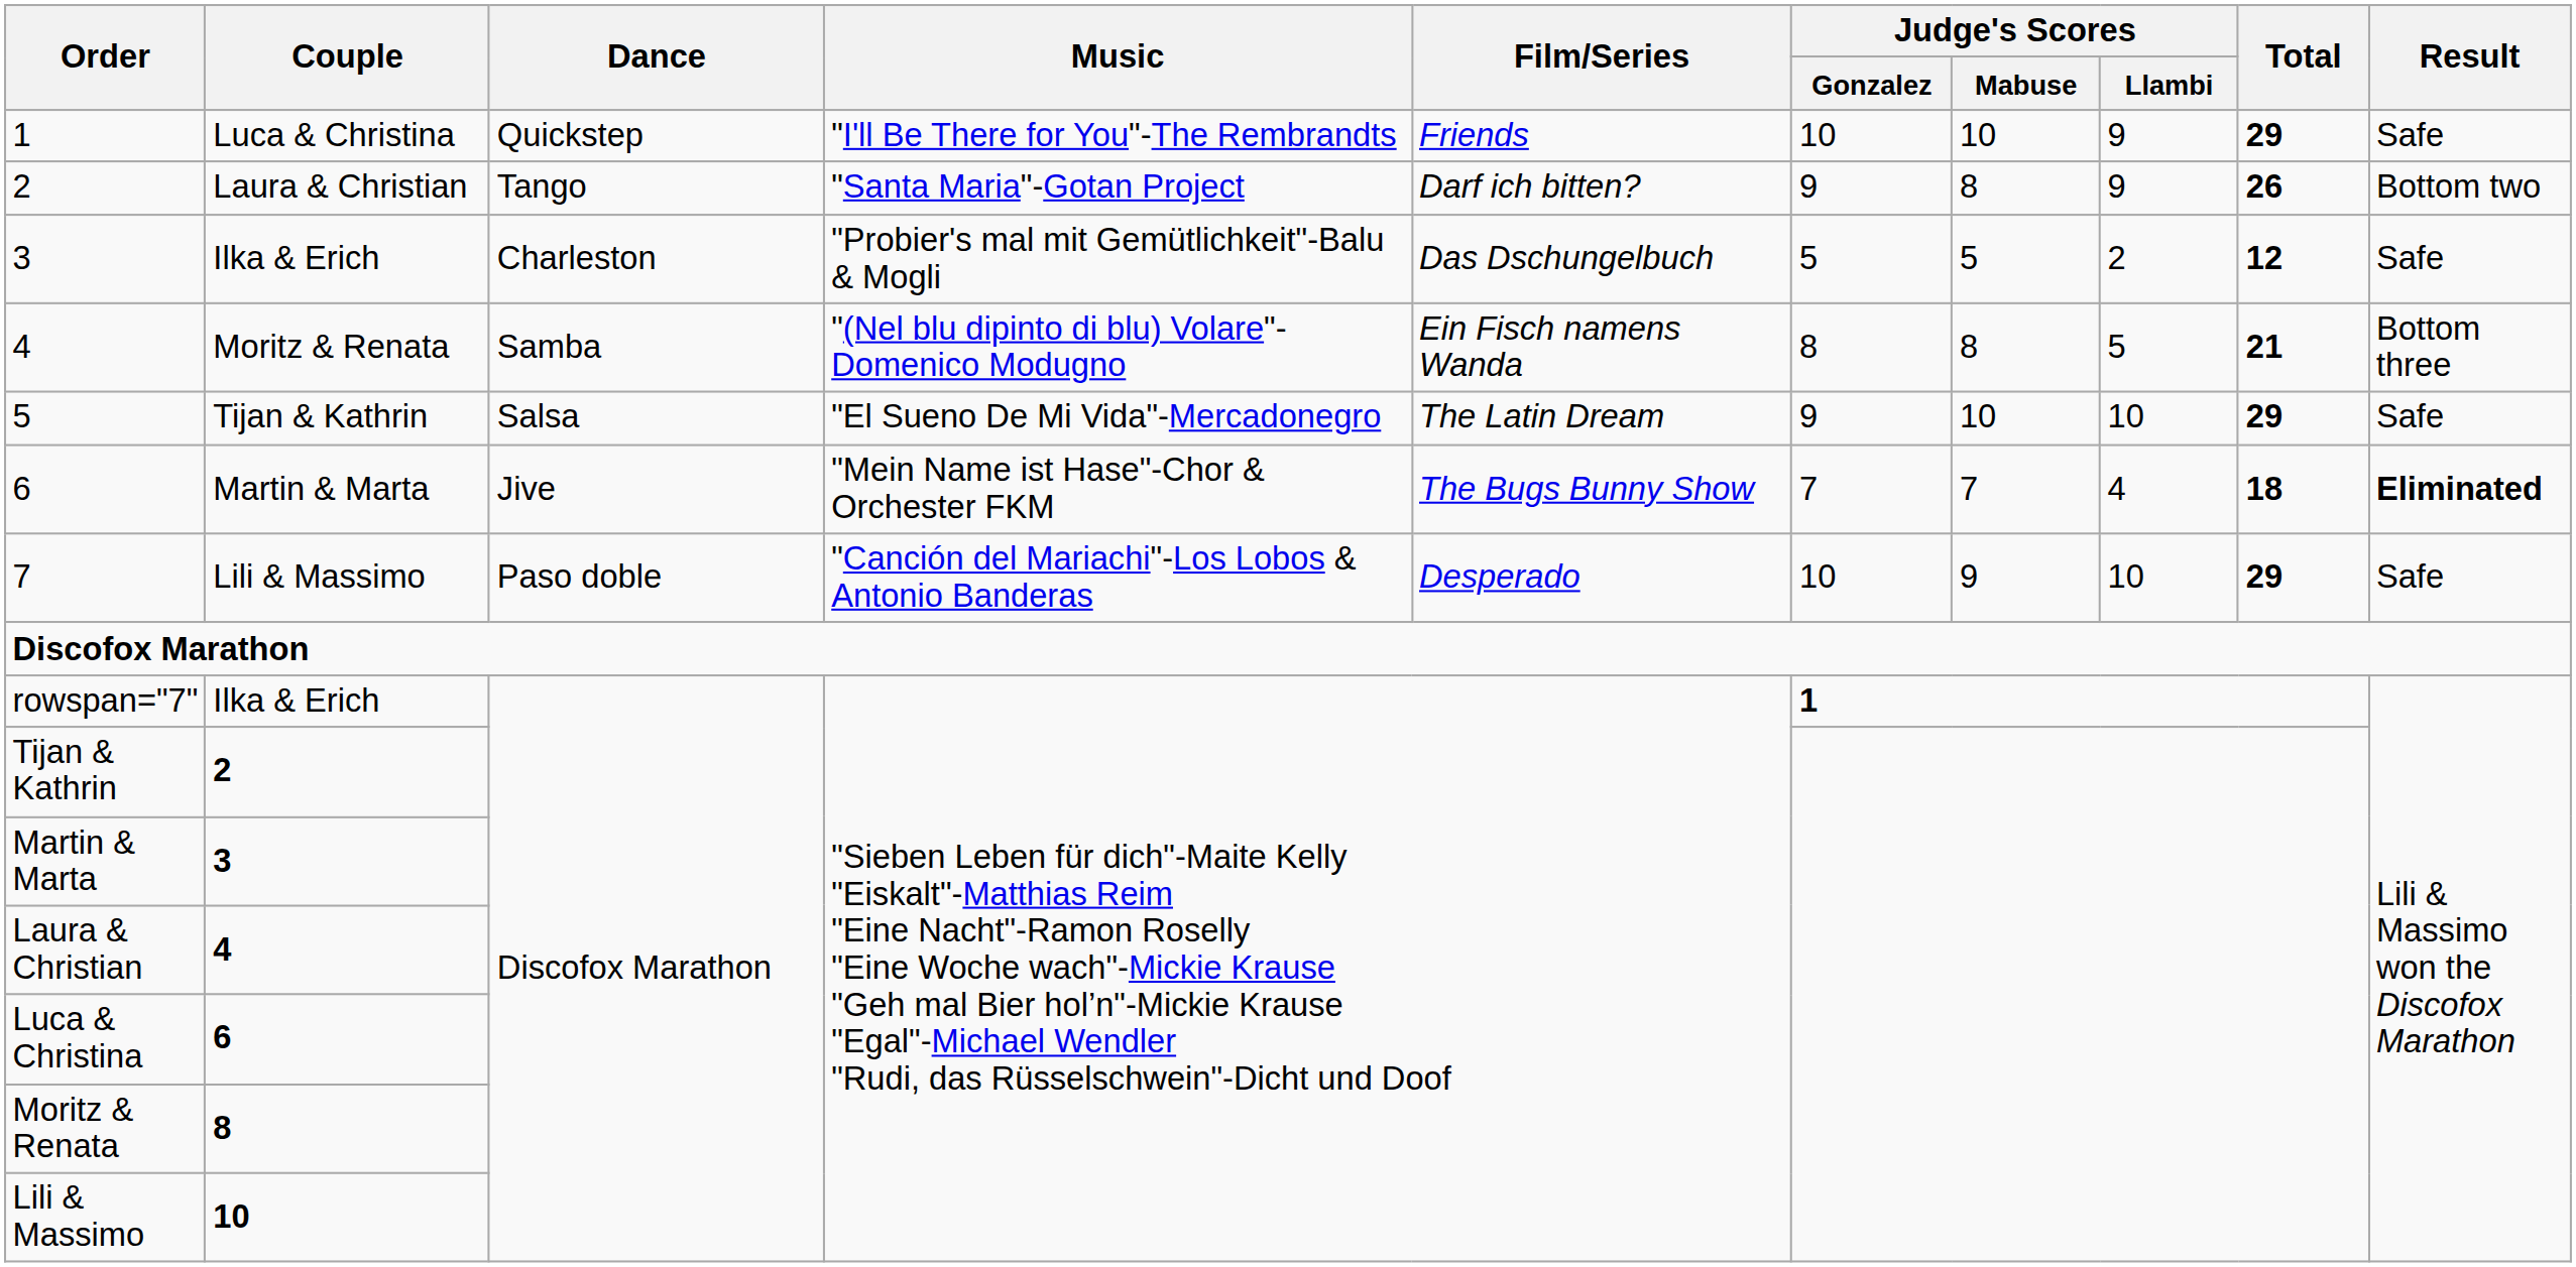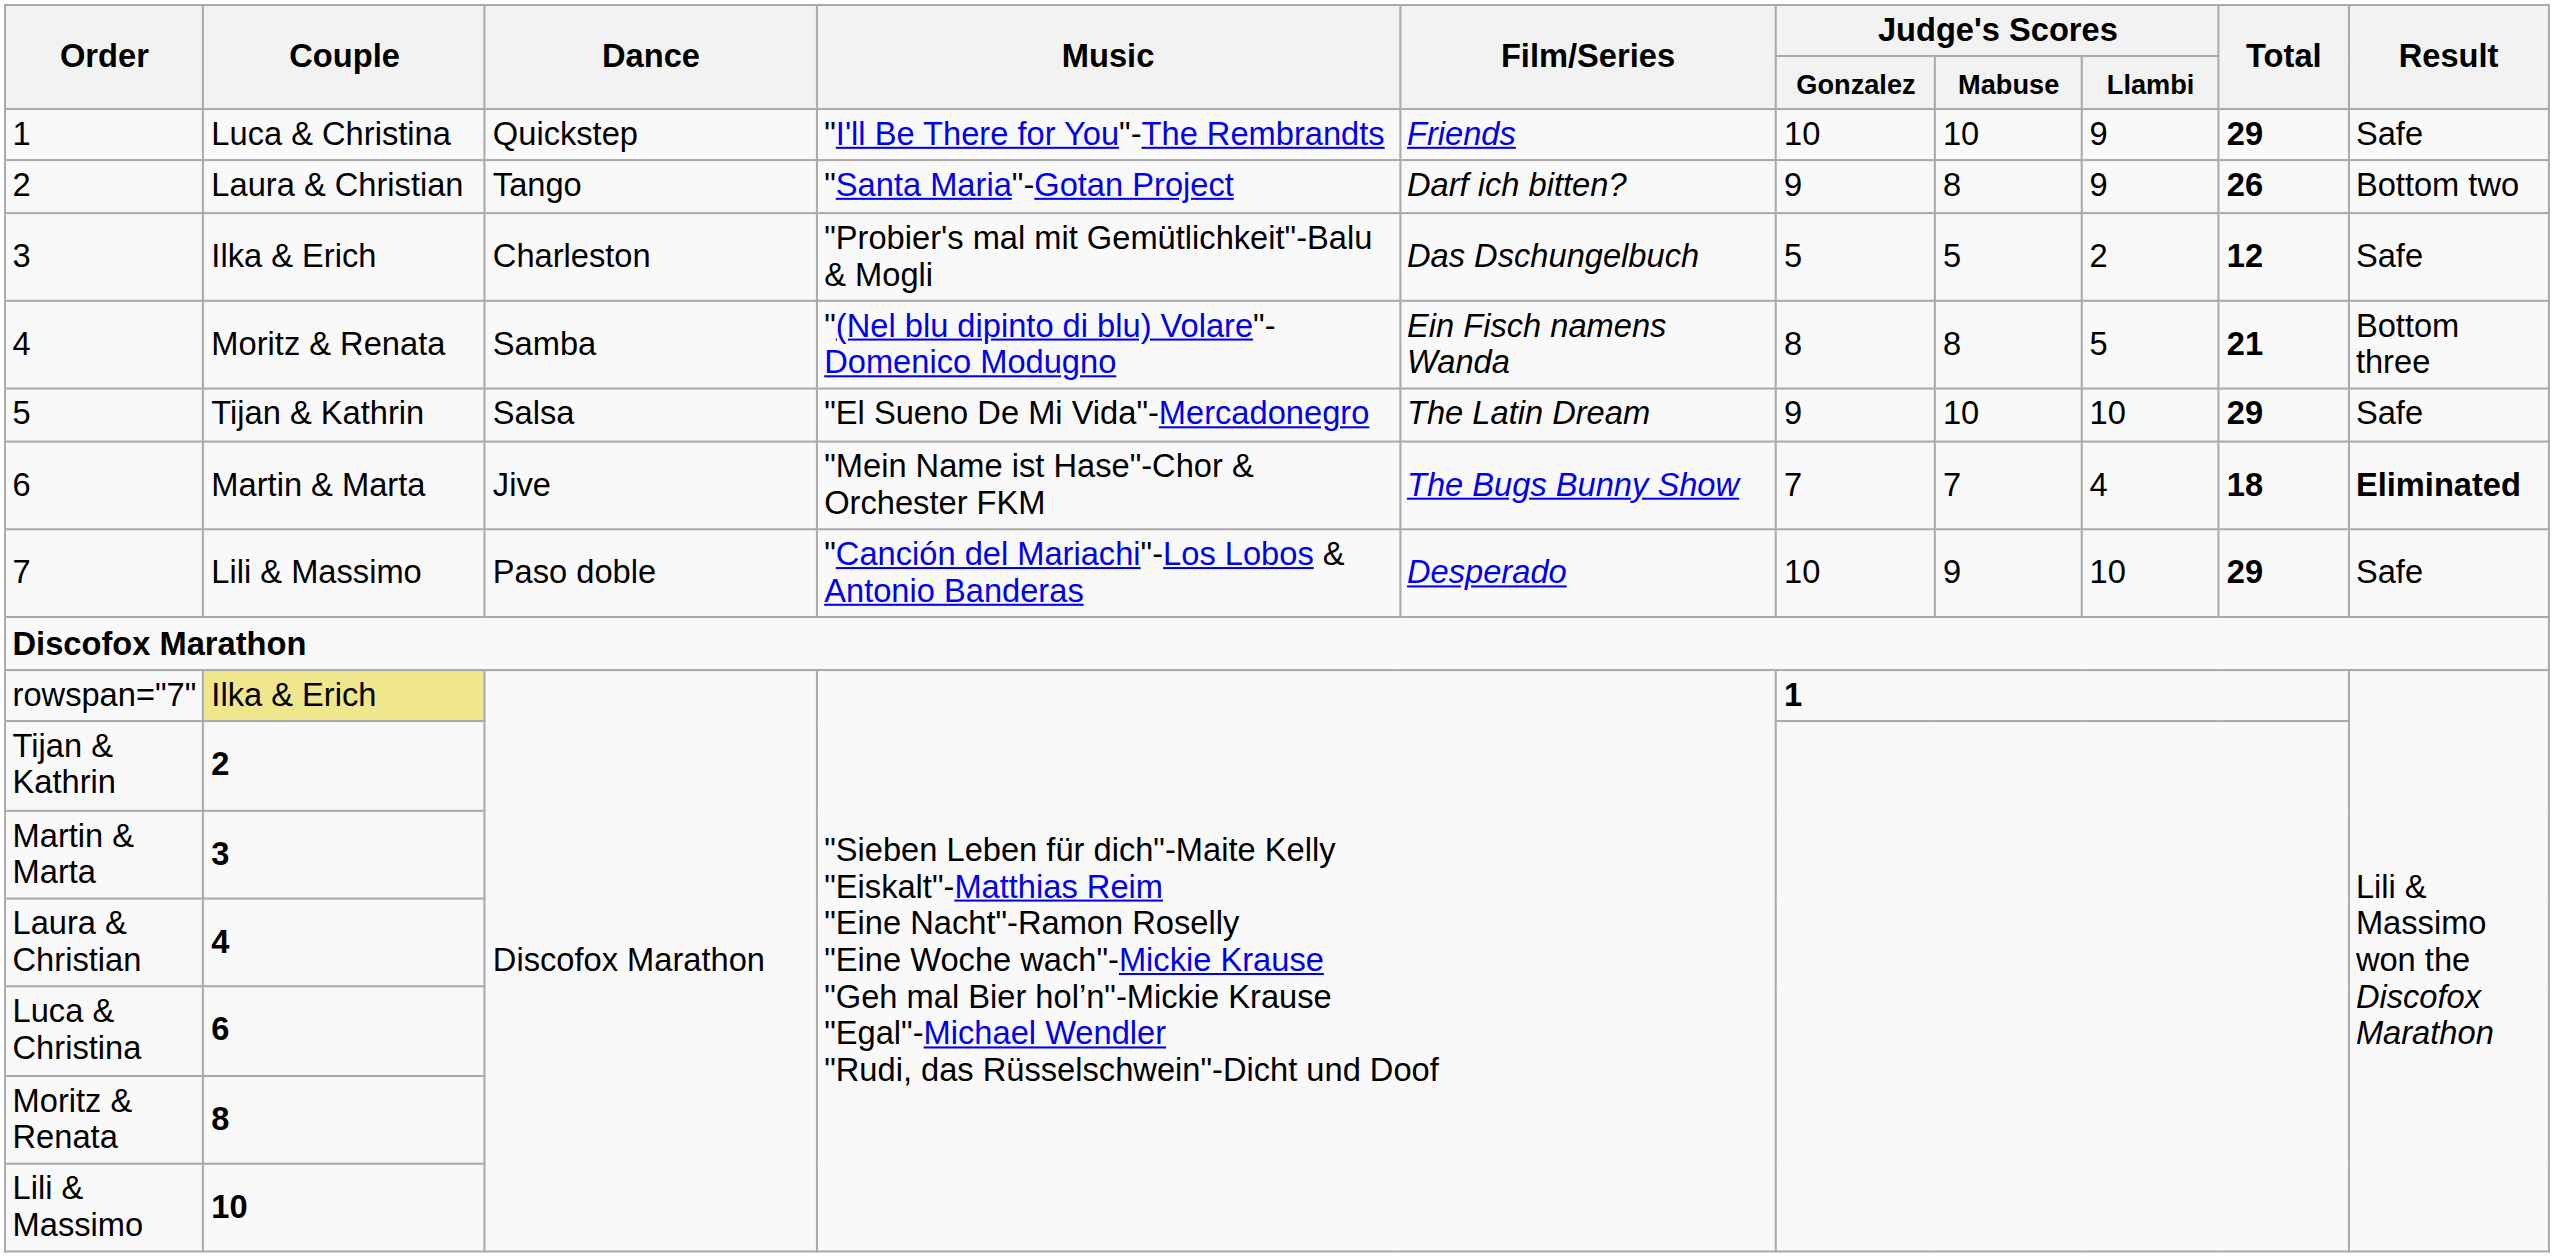 <table class="wikitable sortable center">
 <tr>
 <th rowspan="2" style="width: 4em">Order</th>
 <th rowspan="2" style="width: 17em">Couple</th>
 <th rowspan="2" style="width: 20em">Dance</th>
 <th rowspan="2" style="width: 40em">Music</th>
 <th rowspan="2" style="width: 20em">Film/Series</th>
 <th colspan="3">Judge's Scores</th>
 <th rowspan="2" style="width: 6em">Total</th>
 <th rowspan="2" style="width: 7em">Result</th>
 </tr>
 <tr>
 <th style="width: 6em"><small>Gonzalez</small></th>
 <th style="width: 6em"><small>Mabuse</small></th>
 <th style="width: 6em"><small>Llambi</small></th>
 </tr>
 <tr>
 <td>1</td>
 <td>Luca & Christina</td>
 <td>Quickstep</td>
 <td>"<a href='#'>I'll Be There for You</a>"-<a href='#'>The Rembrandts</a></td>
 <td><em><a href='#'>Friends</a></em></td>
 <td>10</td>
 <td>10</td>
 <td>9</td>
 <td><strong>29</strong></td>
 <td>Safe</td>
 </tr>
 <tr>
 <td>2</td>
 <td>Laura & Christian</td>
 <td>Tango</td>
 <td>"<a href='#'>Santa Maria</a>"-<a href='#'>Gotan Project</a></td>
 <td><em>Darf ich bitten?</em></td>
 <td>9</td>
 <td>8</td>
 <td>9</td>
 <td><strong>26</strong></td>
 <td>Bottom two</td>
 </tr>
 <tr>
 <td>3</td>
 <td>Ilka & Erich</td>
 <td>Charleston</td>
 <td>"Probier's mal mit Gemütlichkeit"-Balu & Mogli</td>
 <td><em>Das Dschungelbuch</em></td>
 <td>5</td>
 <td>5</td>
 <td>2</td>
 <td><strong>12</strong></td>
 <td>Safe</td>
 </tr>
 <tr>
 <td>4</td>
 <td>Moritz & Renata</td>
 <td>Samba</td>
 <td>"<a href='#'>(Nel blu dipinto di blu) Volare</a>"-<a href='#'>Domenico Modugno</a></td>
 <td><em>Ein Fisch namens Wanda</em></td>
 <td>8</td>
 <td>8</td>
 <td>5</td>
 <td><strong>21</strong></td>
 <td>Bottom three</td>
 </tr>
 <tr>
 <td>5</td>
 <td>Tijan & Kathrin</td>
 <td>Salsa</td>
 <td>"El Sueno De Mi Vida"-<a href='#'>Mercadonegro</a></td>
 <td><em>The Latin Dream</em></td>
 <td>9</td>
 <td>10</td>
 <td>10</td>
 <td><strong>29</strong></td>
 <td>Safe</td>
 </tr>
 <tr>
 <td>6</td>
 <td>Martin & Marta</td>
 <td>Jive</td>
 <td>"Mein Name ist Hase"-Chor & Orchester FKM</td>
 <td><em><a href='#'>The Bugs Bunny Show</a></em></td>
 <td>7</td>
 <td>7</td>
 <td>4</td>
 <td><strong>18</strong></td>
 <td><strong>Eliminated</strong></td>
 </tr>
 <tr>
 <td>7</td>
 <td>Lili & Massimo</td>
 <td>Paso doble</td>
 <td>"<a href='#'>Canción del Mariachi</a>"-<a href='#'>Los Lobos</a> & <a href='#'>Antonio Banderas</a></td>
 <td><em><a href='#'>Desperado</a></em></td>
 <td>10</td>
 <td>9</td>
 <td>10</td>
 <td><strong>29</strong></td>
 <td>Safe</td>
 </tr>
 <tr>
 <td colspan="10"><strong>Discofox Marathon</strong></td>
 </tr>
 <tr>
 <td>rowspan="7" </td>
-<td>Ilka & Erich</td>
+<td style="background: khaki;">Ilka & Erich</td>
 <td rowspan="7">Discofox Marathon</td>
 <td rowspan="7" colspan="2">"Sieben Leben für dich"-Maite Kelly<br>"Eiskalt"-<a href='#'>Matthias Reim</a><br>"Eine Nacht"-Ramon Roselly<br>"Eine Woche wach"-<a href='#'>Mickie Krause</a><br>"Geh mal Bier hol’n"-Mickie Krause<br>"Egal"-<a href='#'>Michael Wendler</a><br>"Rudi, das Rüsselschwein"-Dicht und Doof</td>
 <td colspan="4"><strong>1</strong></td>
 <td rowspan="7">Lili & Massimo won the <em>Discofox Marathon</em></td>
 </tr>
 <tr>
 <td>Tijan & Kathrin</td>
 <td colspan="4"><strong>2</strong></td>
 </tr>
 <tr>
 <td>Martin & Marta</td>
 <td colspan="4"><strong>3</strong></td>
 </tr>
 <tr>
 <td>Laura & Christian</td>
 <td colspan="4"><strong>4</strong></td>
 </tr>
 <tr>
 <td>Luca & Christina</td>
 <td colspan="4"><strong>6</strong></td>
 </tr>
 <tr>
 <td>Moritz & Renata</td>
 <td colspan="4"><strong>8</strong></td>
 </tr>
 <tr>
 <td>Lili & Massimo</td>
 <td colspan="4"><strong>10</strong></td>
 </tr>
 </table>
